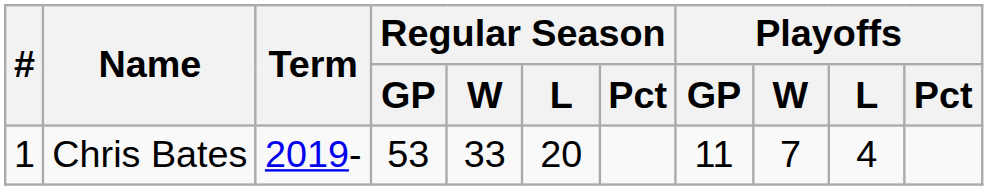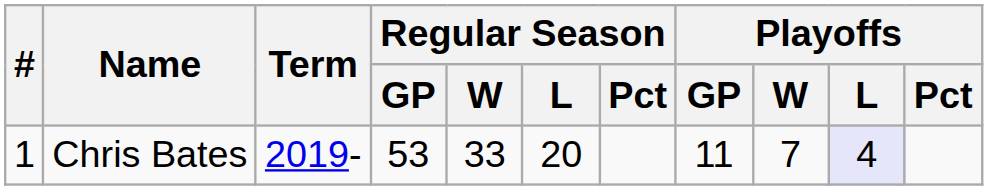 <table class="wikitable" style="text-align:center;">
 <tr>
 <th rowspan="2">#</th>
 <th rowspan="2">Name</th>
 <th rowspan="2">Term</th>
 <th colspan="4">Regular Season</th>
 <th colspan="4">Playoffs</th>
 </tr>
 <tr>
 <th width=25>GP</th>
 <th width=25>W</th>
 <th width=25>L</th>
 <th width=25>Pct</th>
 <th width=25>GP</th>
 <th width=25>W</th>
 <th width=25>L</th>
 <th width=25>Pct</th>
 </tr>
 <tr>
 <td>1</td>
 <td align=left>Chris Bates</td>
 <td><a href='#'>2019</a>-</td>
 <td>53</td>
 <td>33</td>
 <td>20</td>
 <td></td>
 <td>11</td>
 <td>7</td>
-<td>4</td>
+<td style="background: lavender;">4</td>
 <td></td>
 </tr>
 </table>
